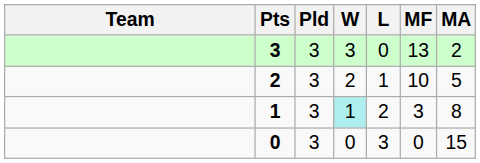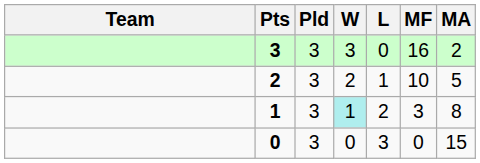 <table class=wikitable style="text-align:center">
 <tr>
 <th width=200>Team</th>
 <th width=20>Pts</th>
 <th width=20>Pld</th>
 <th width=20>W</th>
 <th width=20>L</th>
 <th width=20>MF</th>
 <th width=20>MA</th>
 </tr>
 <tr bgcolor=ccffcc>
 <td style="text-align:left"><strong></strong></td>
 <td><strong>3</strong></td>
 <td>3</td>
 <td>3</td>
 <td>0</td>
-<td>13</td>
+<td>16</td>
 <td>2</td>
 </tr>
 <tr>
 <td style="text-align:left"></td>
 <td><strong>2</strong></td>
 <td>3</td>
 <td>2</td>
 <td>1</td>
 <td>10</td>
 <td>5</td>
 </tr>
 <tr>
 <td style="text-align:left"></td>
 <td><strong>1</strong></td>
 <td>3</td>
 <td style="background: paleturquoise;">1</td>
 <td>2</td>
 <td>3</td>
 <td>8</td>
 </tr>
 <tr>
 <td style="text-align:left"></td>
 <td><strong>0</strong></td>
 <td>3</td>
 <td>0</td>
 <td>3</td>
 <td>0</td>
 <td>15</td>
 </tr>
 </table>
